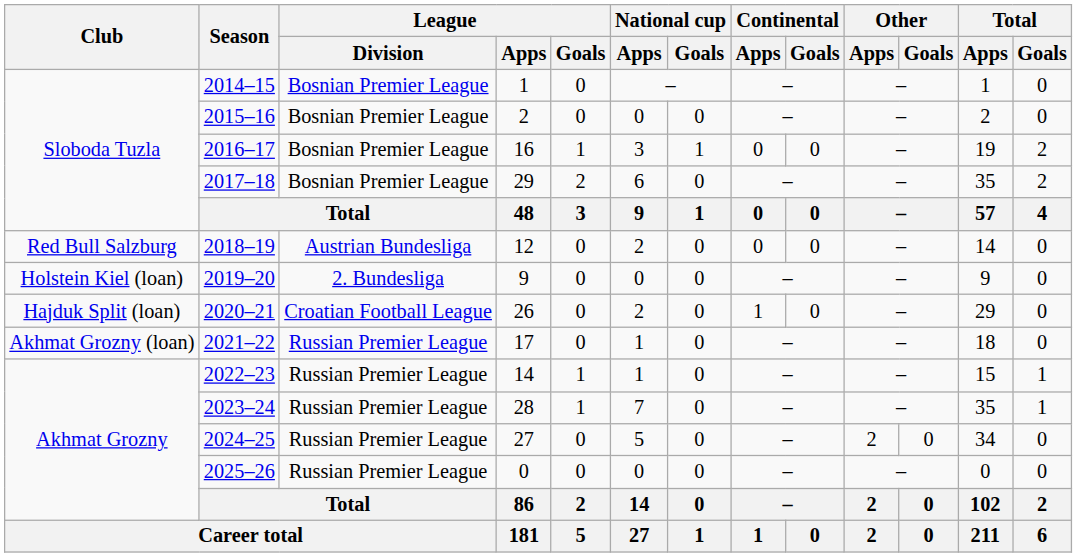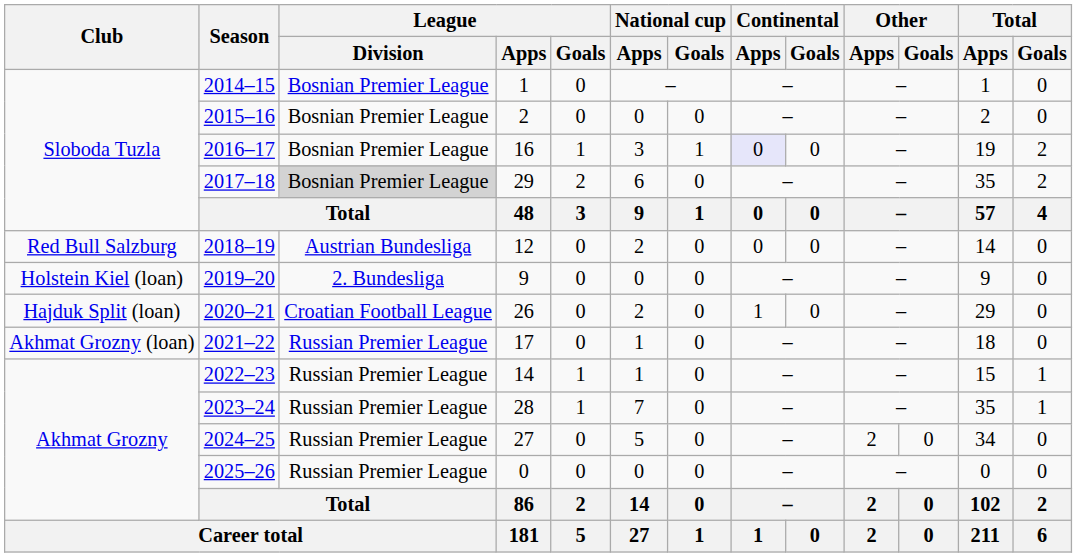 <table class="wikitable" style="text-align:center">
 <tr>
 <th rowspan=2>Club</th>
 <th rowspan=2>Season</th>
 <th colspan=3>League</th>
 <th colspan=2>National cup</th>
 <th colspan=2>Continental</th>
 <th colspan=2>Other</th>
 <th colspan=2>Total</th>
 </tr>
 <tr>
 <th>Division</th>
 <th>Apps</th>
 <th>Goals</th>
 <th>Apps</th>
 <th>Goals</th>
 <th>Apps</th>
 <th>Goals</th>
 <th>Apps</th>
 <th>Goals</th>
 <th>Apps</th>
 <th>Goals</th>
 </tr>
 <tr>
 <td rowspan=5><a href='#'>Sloboda Tuzla</a></td>
 <td><a href='#'>2014–15</a></td>
 <td><a href='#'>Bosnian Premier League</a></td>
 <td>1</td>
 <td>0</td>
 <td colspan=2>–</td>
 <td colspan=2>–</td>
 <td colspan=2>–</td>
 <td>1</td>
 <td>0</td>
 </tr>
 <tr>
 <td><a href='#'>2015–16</a></td>
 <td>Bosnian Premier League</td>
 <td>2</td>
 <td>0</td>
 <td>0</td>
 <td>0</td>
 <td colspan=2>–</td>
 <td colspan=2>–</td>
 <td>2</td>
 <td>0</td>
 </tr>
 <tr>
 <td><a href='#'>2016–17</a></td>
 <td>Bosnian Premier League</td>
 <td>16</td>
 <td>1</td>
 <td>3</td>
 <td>1</td>
-<td>0</td>
+<td style="background: lavender;">0</td>
 <td>0</td>
 <td colspan=2>–</td>
 <td>19</td>
 <td>2</td>
 </tr>
 <tr>
 <td><a href='#'>2017–18</a></td>
-<td>Bosnian Premier League</td>
+<td style="background: lightgrey;">Bosnian Premier League</td>
 <td>29</td>
 <td>2</td>
 <td>6</td>
 <td>0</td>
 <td colspan=2>–</td>
 <td colspan=2>–</td>
 <td>35</td>
 <td>2</td>
 </tr>
 <tr>
 <th colspan=2>Total</th>
 <th>48</th>
 <th>3</th>
 <th>9</th>
 <th>1</th>
 <th>0</th>
 <th>0</th>
 <th colspan=2>–</th>
 <th>57</th>
 <th>4</th>
 </tr>
 <tr>
 <td><a href='#'>Red Bull Salzburg</a></td>
 <td><a href='#'>2018–19</a></td>
 <td><a href='#'>Austrian Bundesliga</a></td>
 <td>12</td>
 <td>0</td>
 <td>2</td>
 <td>0</td>
 <td>0</td>
 <td>0</td>
 <td colspan=2>–</td>
 <td>14</td>
 <td>0</td>
 </tr>
 <tr>
 <td><a href='#'>Holstein Kiel</a> (loan)</td>
 <td><a href='#'>2019–20</a></td>
 <td><a href='#'>2. Bundesliga</a></td>
 <td>9</td>
 <td>0</td>
 <td>0</td>
 <td>0</td>
 <td colspan=2>–</td>
 <td colspan=2>–</td>
 <td>9</td>
 <td>0</td>
 </tr>
 <tr>
 <td><a href='#'>Hajduk Split</a> (loan)</td>
 <td><a href='#'>2020–21</a></td>
 <td><a href='#'>Croatian Football League</a></td>
 <td>26</td>
 <td>0</td>
 <td>2</td>
 <td>0</td>
 <td>1</td>
 <td>0</td>
 <td colspan=2>–</td>
 <td>29</td>
 <td>0</td>
 </tr>
 <tr>
 <td><a href='#'>Akhmat Grozny</a> (loan)</td>
 <td><a href='#'>2021–22</a></td>
 <td><a href='#'>Russian Premier League</a></td>
 <td>17</td>
 <td>0</td>
 <td>1</td>
 <td>0</td>
 <td colspan=2>–</td>
 <td colspan=2>–</td>
 <td>18</td>
 <td>0</td>
 </tr>
 <tr>
 <td rowspan=5><a href='#'>Akhmat Grozny</a></td>
 <td><a href='#'>2022–23</a></td>
 <td>Russian Premier League</td>
 <td>14</td>
 <td>1</td>
 <td>1</td>
 <td>0</td>
 <td colspan=2>–</td>
 <td colspan=2>–</td>
 <td>15</td>
 <td>1</td>
 </tr>
 <tr>
 <td><a href='#'>2023–24</a></td>
 <td>Russian Premier League</td>
 <td>28</td>
 <td>1</td>
 <td>7</td>
 <td>0</td>
 <td colspan=2>–</td>
 <td colspan=2>–</td>
 <td>35</td>
 <td>1</td>
 </tr>
 <tr>
 <td><a href='#'>2024–25</a></td>
 <td>Russian Premier League</td>
 <td>27</td>
 <td>0</td>
 <td>5</td>
 <td>0</td>
 <td colspan=2>–</td>
 <td>2</td>
 <td>0</td>
 <td>34</td>
 <td>0</td>
 </tr>
 <tr>
 <td><a href='#'>2025–26</a></td>
 <td>Russian Premier League</td>
 <td>0</td>
 <td>0</td>
 <td>0</td>
 <td>0</td>
 <td colspan=2>–</td>
 <td colspan=2>–</td>
 <td>0</td>
 <td>0</td>
 </tr>
 <tr>
 <th colspan=2>Total</th>
 <th>86</th>
 <th>2</th>
 <th>14</th>
 <th>0</th>
 <th colspan=2>–</th>
 <th>2</th>
 <th>0</th>
 <th>102</th>
 <th>2</th>
 </tr>
 <tr>
 <th colspan=3>Career total</th>
 <th>181</th>
 <th>5</th>
 <th>27</th>
 <th>1</th>
 <th>1</th>
 <th>0</th>
 <th>2</th>
 <th>0</th>
 <th>211</th>
 <th>6</th>
 </tr>
 </table>
